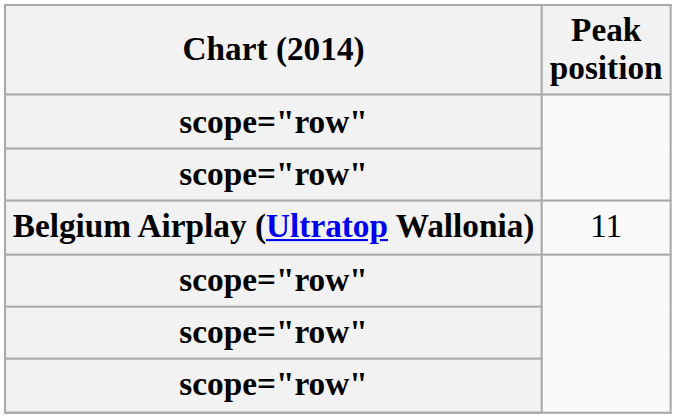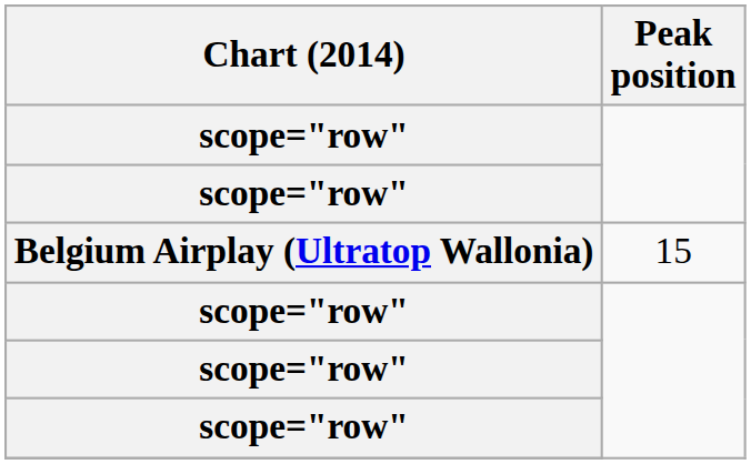 <table class="wikitable sortable plainrowheaders">
 <tr>
 <th>Chart (2014)</th>
 <th>Peak<br>position</th>
 </tr>
 <tr>
 <th>scope="row" </th>
 </tr>
 <tr>
 <th>scope="row" </th>
 </tr>
 <tr>
 <th scope="row">Belgium Airplay (<a href='#'>Ultratop</a> Wallonia)</th>
-<td style="text-align:center">11</td>
+<td style="text-align:center">15</td>
 </tr>
 <tr>
 <th>scope="row" </th>
 </tr>
 <tr>
 <th>scope="row" </th>
 </tr>
 <tr>
 <th>scope="row" </th>
 </tr>
 <tr>
 </tr>
 </table>
